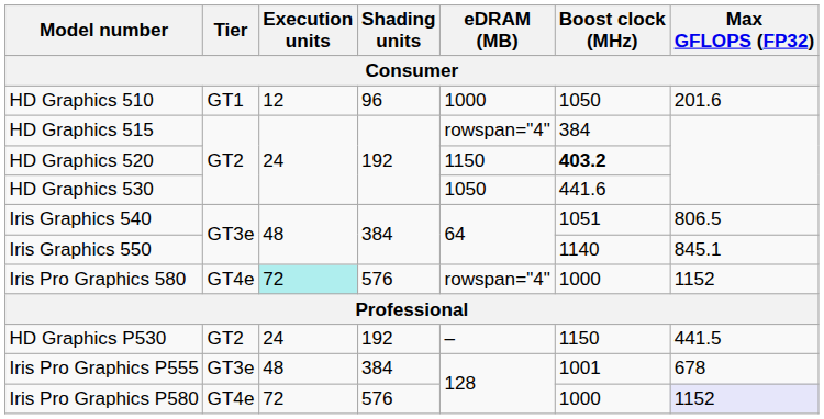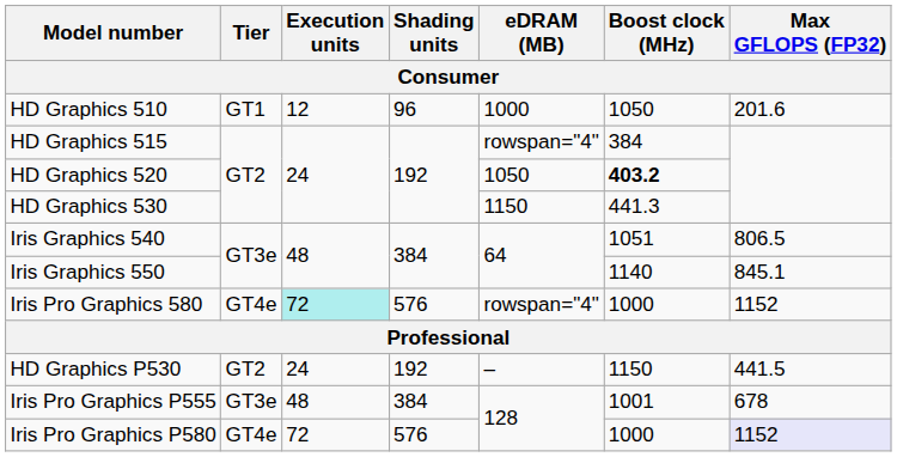 <table class="wikitable">
 <tr>
 <th>Model number</th>
 <th>Tier</th>
 <th>Execution <br> units</th>
 <th>Shading <br> units</th>
 <th>eDRAM <br> (MB)</th>
 <th>Boost clock <br> (MHz)</th>
 <th>Max <br> <a href='#'>GFLOPS</a> (<a href='#'>FP32</a>)</th>
 </tr>
 <tr>
 <th colspan=7>Consumer</th>
 </tr>
 <tr>
 <td>HD Graphics 510</td>
 <td>GT1</td>
 <td>12</td>
 <td>96</td>
 <td>1000</td>
 <td>1050</td>
 <td>201.6</td>
 </tr>
 <tr>
 <td>HD Graphics 515</td>
 <td rowspan="3">GT2</td>
 <td rowspan="3">24</td>
 <td rowspan="3">192</td>
 <td>rowspan="4" </td>
 <td>384</td>
 </tr>
 <tr>
 <td>HD Graphics 520</td>
-<td>1150</td>
+<td>1050</td>
 <td><strong>403.2</strong></td>
 </tr>
 <tr>
 <td>HD Graphics 530</td>
-<td>1050</td>
-<td>441.6</td>
+<td>1150</td>
+<td>441.3</td>
 </tr>
 <tr>
 <td>Iris Graphics 540</td>
 <td rowspan="2">GT3e</td>
 <td rowspan="2">48</td>
 <td rowspan="2">384</td>
 <td rowspan="2">64</td>
 <td>1051</td>
 <td>806.5</td>
 </tr>
 <tr>
 <td>Iris Graphics 550</td>
 <td>1140</td>
 <td>845.1</td>
 </tr>
 <tr>
 <td>Iris Pro Graphics 580</td>
 <td>GT4e</td>
 <td style="background: paleturquoise;">72</td>
 <td>576</td>
 <td>rowspan="4" </td>
 <td>1000</td>
 <td>1152</td>
 </tr>
 <tr>
 <th colspan=7>Professional</th>
 </tr>
 <tr>
 <td>HD Graphics P530</td>
 <td>GT2</td>
 <td>24</td>
 <td>192</td>
 <td>–</td>
 <td>1150</td>
 <td>441.5</td>
 </tr>
 <tr>
 <td>Iris Pro Graphics P555</td>
 <td>GT3e</td>
 <td>48</td>
 <td>384</td>
 <td rowspan="2">128</td>
 <td>1001</td>
 <td>678</td>
 </tr>
 <tr>
 <td>Iris Pro Graphics P580</td>
 <td>GT4e</td>
 <td>72</td>
 <td>576</td>
 <td>1000</td>
 <td style="background: lavender;">1152</td>
 </tr>
 </table>
